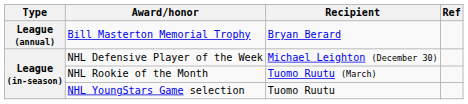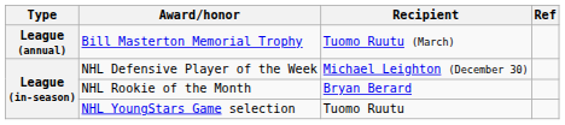 <table class="wikitable">
 <tr>
 <th scope="col">Type</th>
 <th scope="col">Award/honor</th>
 <th scope="col">Recipient</th>
 <th scope="col">Ref</th>
 </tr>
 <tr>
 <th scope="row">League<br><small>(annual)</small></th>
 <td><a href='#'>Bill Masterton Memorial Trophy</a></td>
-<td><a href='#'>Bryan Berard</a></td>
+<td><a href='#'>Tuomo Ruutu</a> <small>(March)</small></td>
 <td></td>
 </tr>
 <tr>
 <th scope="row" rowspan="3">League<br><small>(in-season)</small></th>
 <td>NHL Defensive Player of the Week</td>
 <td><a href='#'>Michael Leighton</a> <small>(December 30)</small></td>
 <td></td>
 </tr>
 <tr>
 <td>NHL Rookie of the Month</td>
-<td><a href='#'>Tuomo Ruutu</a> <small>(March)</small></td>
+<td><a href='#'>Bryan Berard</a></td>
 <td></td>
 </tr>
 <tr>
 <td><a href='#'>NHL YoungStars Game</a> selection</td>
 <td>Tuomo Ruutu</td>
 <td></td>
 </tr>
 </table>
